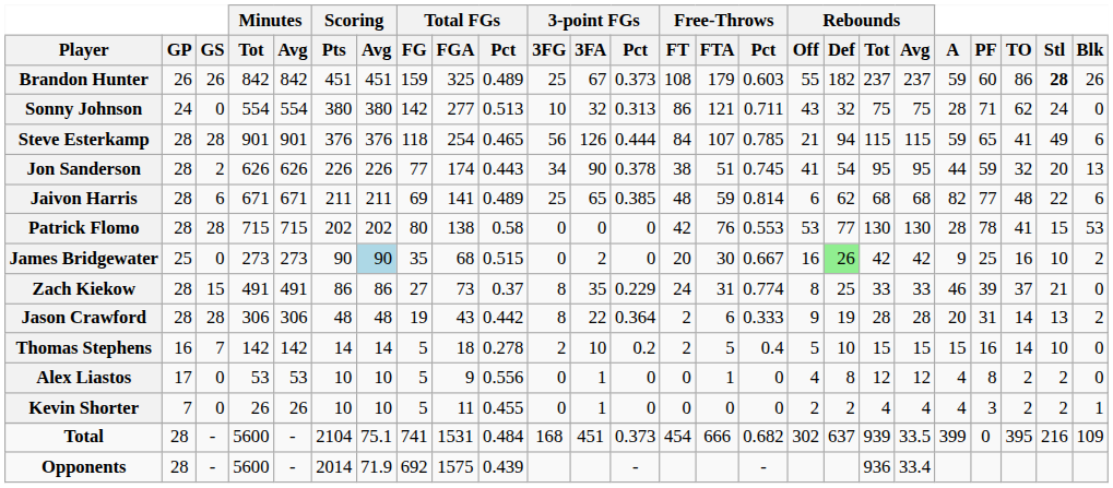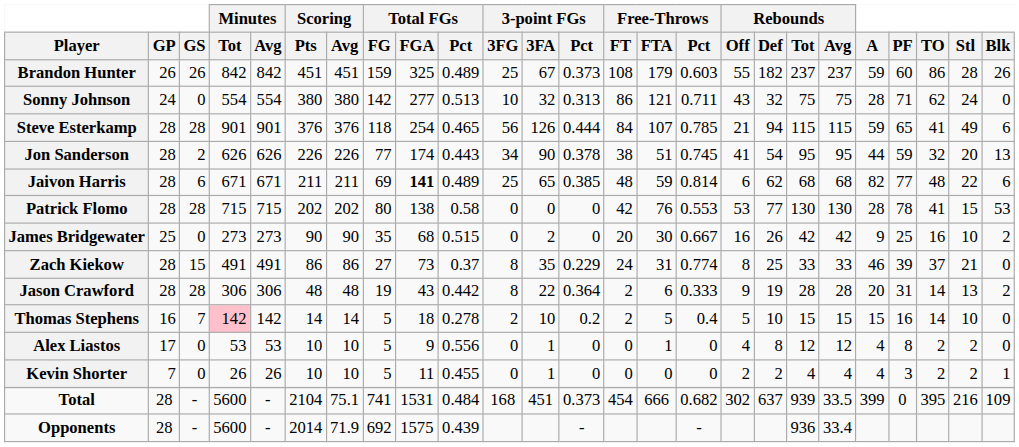 <table class="wikitable sortable" border="1" style="font-size:90%;">
 <tr>
 <th colspan="3" style="border-top-style:hidden; border-left-style:hidden; background: white;"></th>
 <th colspan="2" style=>Minutes</th>
 <th colspan="2" style=>Scoring</th>
 <th colspan="3" style=>Total FGs</th>
 <th colspan="3" style=>3-point FGs</th>
 <th colspan="3" style=>Free-Throws</th>
 <th colspan="4" style=>Rebounds</th>
 <th colspan="5" style="border-top-style:hidden; border-right-style:hidden; background: white;"></th>
 </tr>
 <tr>
 <th scope="col" style=>Player</th>
 <th scope="col" style=>GP</th>
 <th scope="col" style=>GS</th>
 <th scope="col" style=>Tot</th>
 <th scope="col" style=>Avg</th>
 <th scope="col" style=>Pts</th>
 <th scope="col" style=>Avg</th>
 <th scope="col" style=>FG</th>
 <th scope="col" style=>FGA</th>
 <th scope="col" style=>Pct</th>
 <th scope="col" style=>3FG</th>
 <th scope="col" style=>3FA</th>
 <th scope="col" style=>Pct</th>
 <th scope="col" style=>FT</th>
 <th scope="col" style=>FTA</th>
 <th scope="col" style=>Pct</th>
 <th scope="col" style=>Off</th>
 <th scope="col" style=>Def</th>
 <th scope="col" style=>Tot</th>
 <th scope="col" style=>Avg</th>
 <th scope="col" style=>A</th>
 <th scope="col" style=>PF</th>
 <th scope="col" style=>TO</th>
 <th scope="col" style=>Stl</th>
 <th scope="col" style=>Blk</th>
 </tr>
 <tr>
 <th>Brandon Hunter</th>
 <td align="right">26</td>
 <td align="right">26</td>
 <td align="right">842</td>
 <td align="right">842</td>
 <td align="right">451</td>
 <td align="right">451</td>
 <td align="right">159</td>
 <td align="right">325</td>
 <td align="right">0.489</td>
 <td align="right">25</td>
 <td align="right">67</td>
 <td align="right">0.373</td>
 <td align="right">108</td>
 <td align="right">179</td>
 <td align="right">0.603</td>
 <td align="right">55</td>
 <td align="right">182</td>
 <td align="right">237</td>
 <td align="right">237</td>
 <td align="right">59</td>
 <td align="right">60</td>
 <td align="right">86</td>
-<td align="right"><strong>28</strong></td>
+<td align="right">28</td>
 <td align="right">26</td>
 </tr>
 <tr>
 <th>Sonny Johnson</th>
 <td align="right">24</td>
 <td align="right">0</td>
 <td align="right">554</td>
 <td align="right">554</td>
 <td align="right">380</td>
 <td align="right">380</td>
 <td align="right">142</td>
 <td align="right">277</td>
 <td align="right">0.513</td>
 <td align="right">10</td>
 <td align="right">32</td>
 <td align="right">0.313</td>
 <td align="right">86</td>
 <td align="right">121</td>
 <td align="right">0.711</td>
 <td align="right">43</td>
 <td align="right">32</td>
 <td align="right">75</td>
 <td align="right">75</td>
 <td align="right">28</td>
 <td align="right">71</td>
 <td align="right">62</td>
 <td align="right">24</td>
 <td align="right">0</td>
 </tr>
 <tr>
 <th>Steve Esterkamp</th>
 <td align="right">28</td>
 <td align="right">28</td>
 <td align="right">901</td>
 <td align="right">901</td>
 <td align="right">376</td>
 <td align="right">376</td>
 <td align="right">118</td>
 <td align="right">254</td>
 <td align="right">0.465</td>
 <td align="right">56</td>
 <td align="right">126</td>
 <td align="right">0.444</td>
 <td align="right">84</td>
 <td align="right">107</td>
 <td align="right">0.785</td>
 <td align="right">21</td>
 <td align="right">94</td>
 <td align="right">115</td>
 <td align="right">115</td>
 <td align="right">59</td>
 <td align="right">65</td>
 <td align="right">41</td>
 <td align="right">49</td>
 <td align="right">6</td>
 </tr>
 <tr>
 <th>Jon Sanderson</th>
 <td align="right">28</td>
 <td align="right">2</td>
 <td align="right">626</td>
 <td align="right">626</td>
 <td align="right">226</td>
 <td align="right">226</td>
 <td align="right">77</td>
 <td align="right">174</td>
 <td align="right">0.443</td>
 <td align="right">34</td>
 <td align="right">90</td>
 <td align="right">0.378</td>
 <td align="right">38</td>
 <td align="right">51</td>
 <td align="right">0.745</td>
 <td align="right">41</td>
 <td align="right">54</td>
 <td align="right">95</td>
 <td align="right">95</td>
 <td align="right">44</td>
 <td align="right">59</td>
 <td align="right">32</td>
 <td align="right">20</td>
 <td align="right">13</td>
 </tr>
 <tr>
 <th>Jaivon Harris</th>
 <td align="right">28</td>
 <td align="right">6</td>
 <td align="right">671</td>
 <td align="right">671</td>
 <td align="right">211</td>
 <td align="right">211</td>
 <td align="right">69</td>
-<td align="right">141</td>
+<td align="right"><strong>141</strong></td>
 <td align="right">0.489</td>
 <td align="right">25</td>
 <td align="right">65</td>
 <td align="right">0.385</td>
 <td align="right">48</td>
 <td align="right">59</td>
 <td align="right">0.814</td>
 <td align="right">6</td>
 <td align="right">62</td>
 <td align="right">68</td>
 <td align="right">68</td>
 <td align="right">82</td>
 <td align="right">77</td>
 <td align="right">48</td>
 <td align="right">22</td>
 <td align="right">6</td>
 </tr>
 <tr>
 <th>Patrick Flomo</th>
 <td align="right">28</td>
 <td align="right">28</td>
 <td align="right">715</td>
 <td align="right">715</td>
 <td align="right">202</td>
 <td align="right">202</td>
 <td align="right">80</td>
 <td align="right">138</td>
 <td align="right">0.58</td>
 <td align="right">0</td>
 <td align="right">0</td>
 <td align="right">0</td>
 <td align="right">42</td>
 <td align="right">76</td>
 <td align="right">0.553</td>
 <td align="right">53</td>
 <td align="right">77</td>
 <td align="right">130</td>
 <td align="right">130</td>
 <td align="right">28</td>
 <td align="right">78</td>
 <td align="right">41</td>
 <td align="right">15</td>
 <td align="right">53</td>
 </tr>
 <tr>
 <th>James Bridgewater</th>
 <td align="right">25</td>
 <td align="right">0</td>
 <td align="right">273</td>
 <td align="right">273</td>
 <td align="right">90</td>
-<td align="right" style="background: lightblue;">90</td>
+<td align="right">90</td>
 <td align="right">35</td>
 <td align="right">68</td>
 <td align="right">0.515</td>
 <td align="right">0</td>
 <td align="right">2</td>
 <td align="right">0</td>
 <td align="right">20</td>
 <td align="right">30</td>
 <td align="right">0.667</td>
 <td align="right">16</td>
-<td align="right" style="background: lightgreen;">26</td>
+<td align="right">26</td>
 <td align="right">42</td>
 <td align="right">42</td>
 <td align="right">9</td>
 <td align="right">25</td>
 <td align="right">16</td>
 <td align="right">10</td>
 <td align="right">2</td>
 </tr>
 <tr>
 <th>Zach Kiekow</th>
 <td align="right">28</td>
 <td align="right">15</td>
 <td align="right">491</td>
 <td align="right">491</td>
 <td align="right">86</td>
 <td align="right">86</td>
 <td align="right">27</td>
 <td align="right">73</td>
 <td align="right">0.37</td>
 <td align="right">8</td>
 <td align="right">35</td>
 <td align="right">0.229</td>
 <td align="right">24</td>
 <td align="right">31</td>
 <td align="right">0.774</td>
 <td align="right">8</td>
 <td align="right">25</td>
 <td align="right">33</td>
 <td align="right">33</td>
 <td align="right">46</td>
 <td align="right">39</td>
 <td align="right">37</td>
 <td align="right">21</td>
 <td align="right">0</td>
 </tr>
 <tr>
 <th>Jason Crawford</th>
 <td align="right">28</td>
 <td align="right">28</td>
 <td align="right">306</td>
 <td align="right">306</td>
 <td align="right">48</td>
 <td align="right">48</td>
 <td align="right">19</td>
 <td align="right">43</td>
 <td align="right">0.442</td>
 <td align="right">8</td>
 <td align="right">22</td>
 <td align="right">0.364</td>
 <td align="right">2</td>
 <td align="right">6</td>
 <td align="right">0.333</td>
 <td align="right">9</td>
 <td align="right">19</td>
 <td align="right">28</td>
 <td align="right">28</td>
 <td align="right">20</td>
 <td align="right">31</td>
 <td align="right">14</td>
 <td align="right">13</td>
 <td align="right">2</td>
 </tr>
 <tr>
 <th>Thomas Stephens</th>
 <td align="right">16</td>
 <td align="right">7</td>
-<td align="right">142</td>
+<td align="right" style="background: pink;">142</td>
 <td align="right">142</td>
 <td align="right">14</td>
 <td align="right">14</td>
 <td align="right">5</td>
 <td align="right">18</td>
 <td align="right">0.278</td>
 <td align="right">2</td>
 <td align="right">10</td>
 <td align="right">0.2</td>
 <td align="right">2</td>
 <td align="right">5</td>
 <td align="right">0.4</td>
 <td align="right">5</td>
 <td align="right">10</td>
 <td align="right">15</td>
 <td align="right">15</td>
 <td align="right">15</td>
 <td align="right">16</td>
 <td align="right">14</td>
 <td align="right">10</td>
 <td align="right">0</td>
 </tr>
 <tr>
 <th>Alex Liastos</th>
 <td align="right">17</td>
 <td align="right">0</td>
 <td align="right">53</td>
 <td align="right">53</td>
 <td align="right">10</td>
 <td align="right">10</td>
 <td align="right">5</td>
 <td align="right">9</td>
 <td align="right">0.556</td>
 <td align="right">0</td>
 <td align="right">1</td>
 <td align="right">0</td>
 <td align="right">0</td>
 <td align="right">1</td>
 <td align="right">0</td>
 <td align="right">4</td>
 <td align="right">8</td>
 <td align="right">12</td>
 <td align="right">12</td>
 <td align="right">4</td>
 <td align="right">8</td>
 <td align="right">2</td>
 <td align="right">2</td>
 <td align="right">0</td>
 </tr>
 <tr>
 <th>Kevin Shorter</th>
 <td align="right">7</td>
 <td align="right">0</td>
 <td align="right">26</td>
 <td align="right">26</td>
 <td align="right">10</td>
 <td align="right">10</td>
 <td align="right">5</td>
 <td align="right">11</td>
 <td align="right">0.455</td>
 <td align="right">0</td>
 <td align="right">1</td>
 <td align="right">0</td>
 <td align="right">0</td>
 <td align="right">0</td>
 <td align="right">0</td>
 <td align="right">2</td>
 <td align="right">2</td>
 <td align="right">4</td>
 <td align="right">4</td>
 <td align="right">4</td>
 <td align="right">3</td>
 <td align="right">2</td>
 <td align="right">2</td>
 <td align="right">1</td>
 </tr>
 <tr>
 </tr>
 <tr class="sortbottom">
 <td align="center" style=><strong>Total</strong></td>
 <td align="center" style=>28</td>
 <td align="center" style=>-</td>
 <td align="center" style=>5600</td>
 <td align="center" style=>-</td>
 <td align="center" style=>2104</td>
 <td align="center" style=>75.1</td>
 <td align="center" style=>741</td>
 <td align="center" style=>1531</td>
 <td align="center" style=>0.484</td>
 <td align="center" style=>168</td>
 <td align="center" style=>451</td>
 <td align="center" style=>0.373</td>
 <td align="center" style=>454</td>
 <td align="center" style=>666</td>
 <td align="center" style=>0.682</td>
 <td align="center" style=>302</td>
 <td align="center" style=>637</td>
 <td align="center" style=>939</td>
 <td align="center" style=>33.5</td>
 <td align="center" style=>399</td>
 <td align="center" style=>0</td>
 <td align="center" style=>395</td>
 <td align="center" style=>216</td>
 <td align="center" style=>109</td>
 </tr>
 <tr class="sortbottom">
 <td align="center"><strong>Opponents</strong></td>
 <td align="center">28</td>
 <td align="center">-</td>
 <td align="center">5600</td>
 <td align="center">-</td>
 <td align="center">2014</td>
 <td align="center">71.9</td>
 <td align="center">692</td>
 <td align="center">1575</td>
 <td align="center">0.439</td>
 <td align="center"></td>
 <td align="center"></td>
 <td align="center">-</td>
 <td align="center"></td>
 <td align="center"></td>
 <td align="center">-</td>
 <td align="center"></td>
 <td align="center"></td>
 <td align="center">936</td>
 <td align="center">33.4</td>
 <td align="center"></td>
 <td align="center"></td>
 <td align="center"></td>
 <td align="center"></td>
 <td align="center"></td>
 </tr>
 </table>
